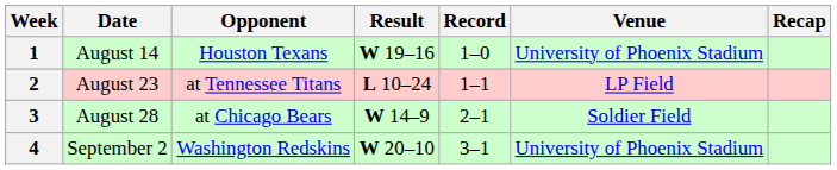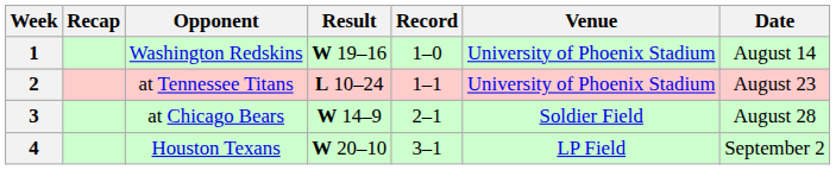 <table class="wikitable" style="text-align:center">
 <tr>
 <th>Week</th>
-<th>Date</th>
+<th>Recap</th>
 <th>Opponent</th>
 <th>Result</th>
 <th>Record</th>
 <th>Venue</th>
-<th>Recap</th>
+<th>Date</th>
 </tr>
 <tr style="background:#cfc;">
 <th>1</th>
-<td style="text-align:center;">August 14</td>
-<td style="text-align:center;"><a href='#'>Houston Texans</a></td>
+<td style="text-align:center;"></td>
+<td style="text-align:center;"><a href='#'>Washington Redskins</a></td>
 <td style="text-align:center;"><strong>W</strong> 19–16</td>
 <td style="text-align:center;">1–0</td>
 <td style="text-align:center;"><a href='#'>University of Phoenix Stadium</a></td>
-<td style="text-align:center;"></td>
+<td style="text-align:center;">August 14</td>
 </tr>
 <tr style="background:#fcc;">
 <th>2</th>
-<td style="text-align:center;">August 23</td>
+<td style="text-align:center;"></td>
 <td style="text-align:center;">at <a href='#'>Tennessee Titans</a></td>
 <td style="text-align:center;"><strong>L</strong> 10–24</td>
 <td style="text-align:center;">1–1</td>
-<td style="text-align:center;"><a href='#'>LP Field</a></td>
-<td style="text-align:center;"></td>
+<td style="text-align:center;"><a href='#'>University of Phoenix Stadium</a></td>
+<td style="text-align:center;">August 23</td>
 </tr>
 <tr style="background:#cfc;">
 <th>3</th>
-<td style="text-align:center;">August 28</td>
+<td style="text-align:center;"></td>
 <td style="text-align:center;">at <a href='#'>Chicago Bears</a></td>
 <td style="text-align:center;"><strong>W</strong> 14–9</td>
 <td style="text-align:center;">2–1</td>
 <td style="text-align:center;"><a href='#'>Soldier Field</a></td>
-<td style="text-align:center;"></td>
+<td style="text-align:center;">August 28</td>
 </tr>
 <tr style="background:#cfc;">
 <th>4</th>
-<td style="text-align:center;">September 2</td>
-<td style="text-align:center;"><a href='#'>Washington Redskins</a></td>
+<td style="text-align:center;"></td>
+<td style="text-align:center;"><a href='#'>Houston Texans</a></td>
 <td style="text-align:center;"><strong>W</strong> 20–10</td>
 <td style="text-align:center;">3–1</td>
-<td style="text-align:center;"><a href='#'>University of Phoenix Stadium</a></td>
-<td style="text-align:center;"></td>
+<td style="text-align:center;"><a href='#'>LP Field</a></td>
+<td style="text-align:center;">September 2</td>
 </tr>
 </table>
